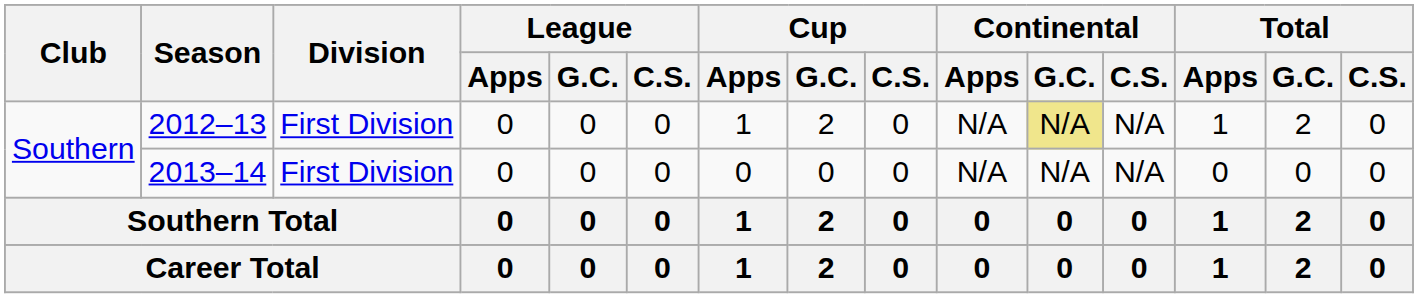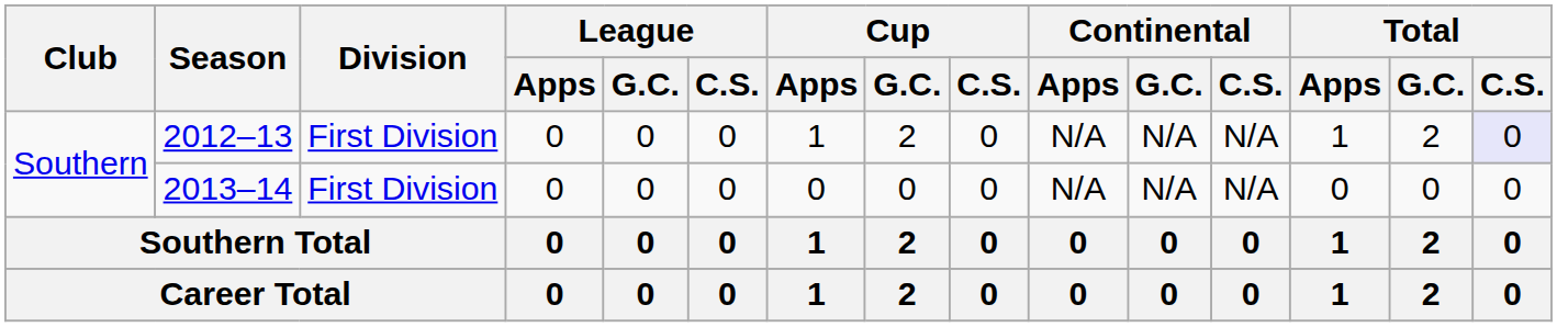 <table class="wikitable" style="text-align: center;">
 <tr>
 <th rowspan="2">Club</th>
 <th rowspan="2">Season</th>
 <th rowspan="2">Division</th>
 <th colspan="3">League</th>
 <th colspan="3">Cup</th>
 <th colspan="3">Continental</th>
 <th colspan="3">Total</th>
 </tr>
 <tr>
 <th>Apps</th>
 <th>G.C.</th>
 <th>C.S.</th>
 <th>Apps</th>
 <th>G.C.</th>
 <th>C.S.</th>
 <th>Apps</th>
 <th>G.C.</th>
 <th>C.S.</th>
 <th>Apps</th>
 <th>G.C.</th>
 <th>C.S.</th>
 </tr>
 <tr>
 <td rowspan="2" valign="center"><a href='#'>Southern</a></td>
 <td><a href='#'>2012–13</a></td>
 <td><a href='#'>First Division</a></td>
 <td>0</td>
 <td>0</td>
 <td>0</td>
 <td>1</td>
 <td>2</td>
 <td>0</td>
 <td>N/A</td>
-<td style="background: khaki;">N/A</td>
+<td>N/A</td>
 <td>N/A</td>
 <td>1</td>
 <td>2</td>
-<td>0</td>
+<td style="background: lavender;">0</td>
 </tr>
 <tr>
 <td><a href='#'>2013–14</a></td>
 <td><a href='#'>First Division</a></td>
 <td>0</td>
 <td>0</td>
 <td>0</td>
 <td>0</td>
 <td>0</td>
 <td>0</td>
 <td>N/A</td>
 <td>N/A</td>
 <td>N/A</td>
 <td>0</td>
 <td>0</td>
 <td>0</td>
 </tr>
 <tr>
 <th colspan="3">Southern Total</th>
 <th>0</th>
 <th>0</th>
 <th>0</th>
 <th>1</th>
 <th>2</th>
 <th>0</th>
 <th>0</th>
 <th>0</th>
 <th>0</th>
 <th>1</th>
 <th>2</th>
 <th>0</th>
 </tr>
 <tr>
 <th colspan="3">Career Total</th>
 <th>0</th>
 <th>0</th>
 <th>0</th>
 <th>1</th>
 <th>2</th>
 <th>0</th>
 <th>0</th>
 <th>0</th>
 <th>0</th>
 <th>1</th>
 <th>2</th>
 <th>0</th>
 </tr>
 </table>
